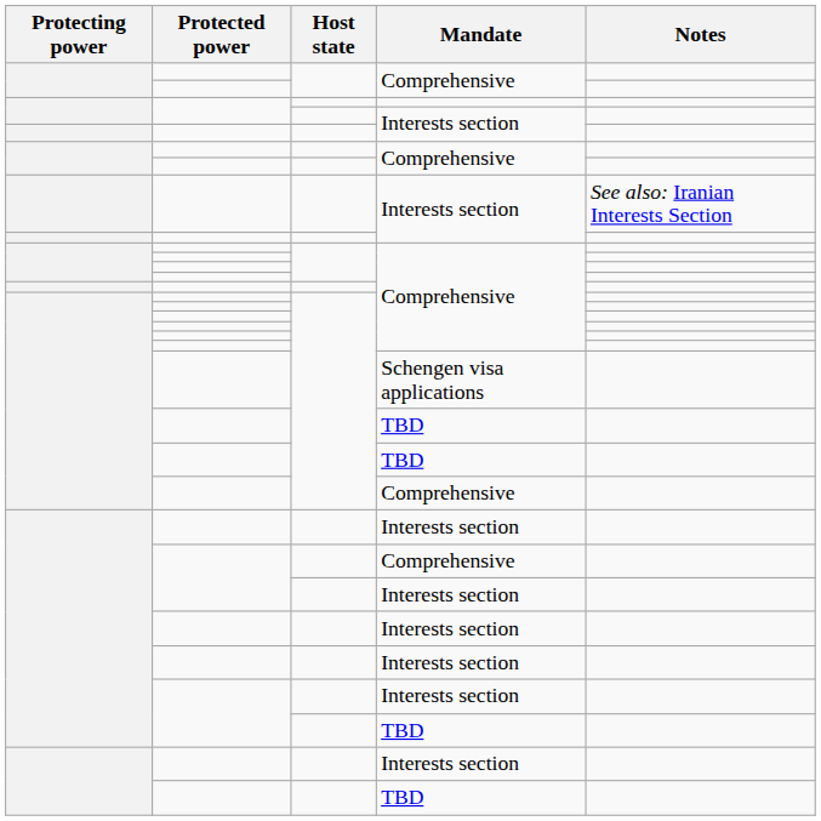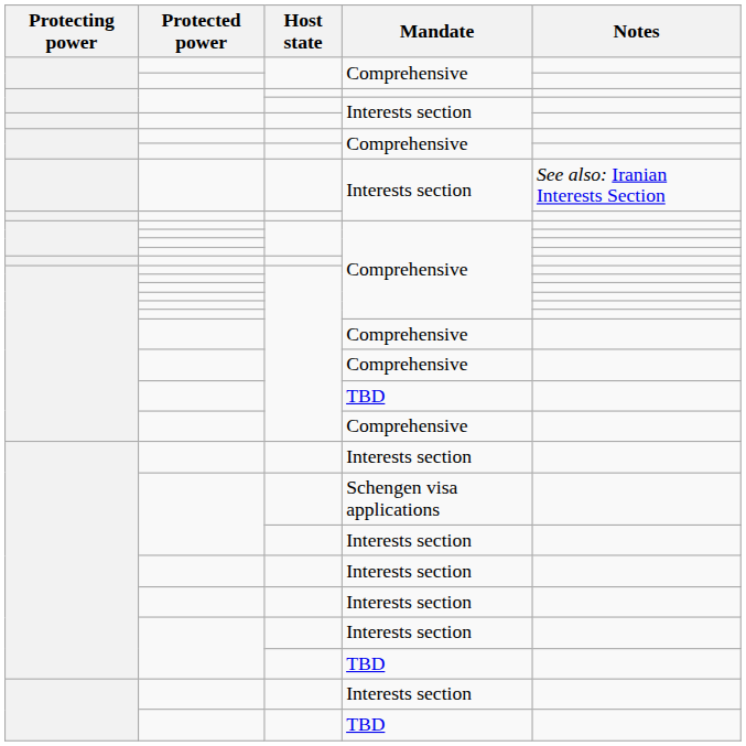 <table class="wikitable sortable mw-collapsible plainrowheaders">
 <tr>
 <th>Protecting power</th>
 <th>Protected power</th>
 <th>Host state</th>
 <th>Mandate</th>
 <th class="unsortable">Notes</th>
 </tr>
 <tr>
 <th rowspan="2" scope="row"></th>
 <td></td>
 <td rowspan="2"></td>
 <td rowspan="2">Comprehensive</td>
 <td></td>
 </tr>
 <tr>
 <td></td>
 <td></td>
 </tr>
 <tr>
 <th rowspan="2" scope="row"></th>
 <td rowspan="2"></td>
 <td></td>
 <td></td>
 <td></td>
 </tr>
 <tr>
 <td></td>
 <td rowspan="2">Interests section</td>
 <td></td>
 </tr>
 <tr>
 <th scope="row"></th>
 <td></td>
 <td></td>
 <td></td>
 </tr>
 <tr>
 <th rowspan="2" scope="row"></th>
 <td></td>
 <td></td>
 <td rowspan="2">Comprehensive</td>
 <td></td>
 </tr>
 <tr>
 <td></td>
 <td></td>
 <td></td>
 </tr>
 <tr>
 <th scope="row"></th>
 <td></td>
 <td></td>
 <td rowspan="2">Interests section</td>
 <td><em>See also:</em> <a href='#'>Iranian Interests Section</a></td>
 </tr>
 <tr>
 <th scope="row"></th>
 <td></td>
 <td></td>
 <td></td>
 </tr>
 <tr>
 <th rowspan="4" scope="row"></th>
 <td></td>
 <td rowspan="4"></td>
 <td rowspan="11">Comprehensive</td>
 <td></td>
 </tr>
 <tr>
 <td></td>
 <td></td>
 </tr>
 <tr>
 <td></td>
 <td></td>
 </tr>
 <tr>
 <td></td>
 <td></td>
 </tr>
 <tr>
 <th scope="row"></th>
 <td></td>
 <td></td>
 <td></td>
 </tr>
 <tr>
 <th rowspan="10" scope="row"></th>
 <td></td>
 <td rowspan="10"></td>
 <td></td>
 </tr>
 <tr>
 <td></td>
 <td></td>
 </tr>
 <tr>
 <td></td>
 <td></td>
 </tr>
 <tr>
 <td></td>
 <td></td>
 </tr>
 <tr>
 <td></td>
 <td></td>
 </tr>
 <tr>
 <td></td>
 <td></td>
 </tr>
 <tr>
 <td></td>
-<td>Schengen visa applications</td>
+<td>Comprehensive</td>
 <td></td>
 </tr>
 <tr>
 <td></td>
-<td><a href='#'>TBD</a></td>
+<td>Comprehensive</td>
 <td></td>
 </tr>
 <tr>
 <td></td>
 <td><a href='#'>TBD</a></td>
 <td></td>
 </tr>
 <tr>
 <td></td>
 <td>Comprehensive</td>
 <td></td>
 </tr>
 <tr>
 <th rowspan="7" scope="row"></th>
 <td></td>
 <td></td>
 <td>Interests section</td>
 <td></td>
 </tr>
 <tr>
 <td rowspan="2"></td>
 <td></td>
-<td>Comprehensive</td>
+<td>Schengen visa applications</td>
 <td></td>
 </tr>
 <tr>
 <td></td>
 <td>Interests section</td>
 <td></td>
 </tr>
 <tr>
 <td></td>
 <td></td>
 <td>Interests section</td>
 <td></td>
 </tr>
 <tr>
 <td></td>
 <td></td>
 <td>Interests section</td>
 <td></td>
 </tr>
 <tr>
 <td rowspan="2"></td>
 <td></td>
 <td>Interests section</td>
 <td></td>
 </tr>
 <tr>
 <td></td>
 <td><a href='#'>TBD</a></td>
 <td></td>
 </tr>
 <tr>
 <th rowspan="2" scope="row"></th>
 <td></td>
 <td></td>
 <td>Interests section</td>
 <td></td>
 </tr>
 <tr>
 <td></td>
 <td></td>
 <td><a href='#'>TBD</a></td>
 <td></td>
 </tr>
 </table>
